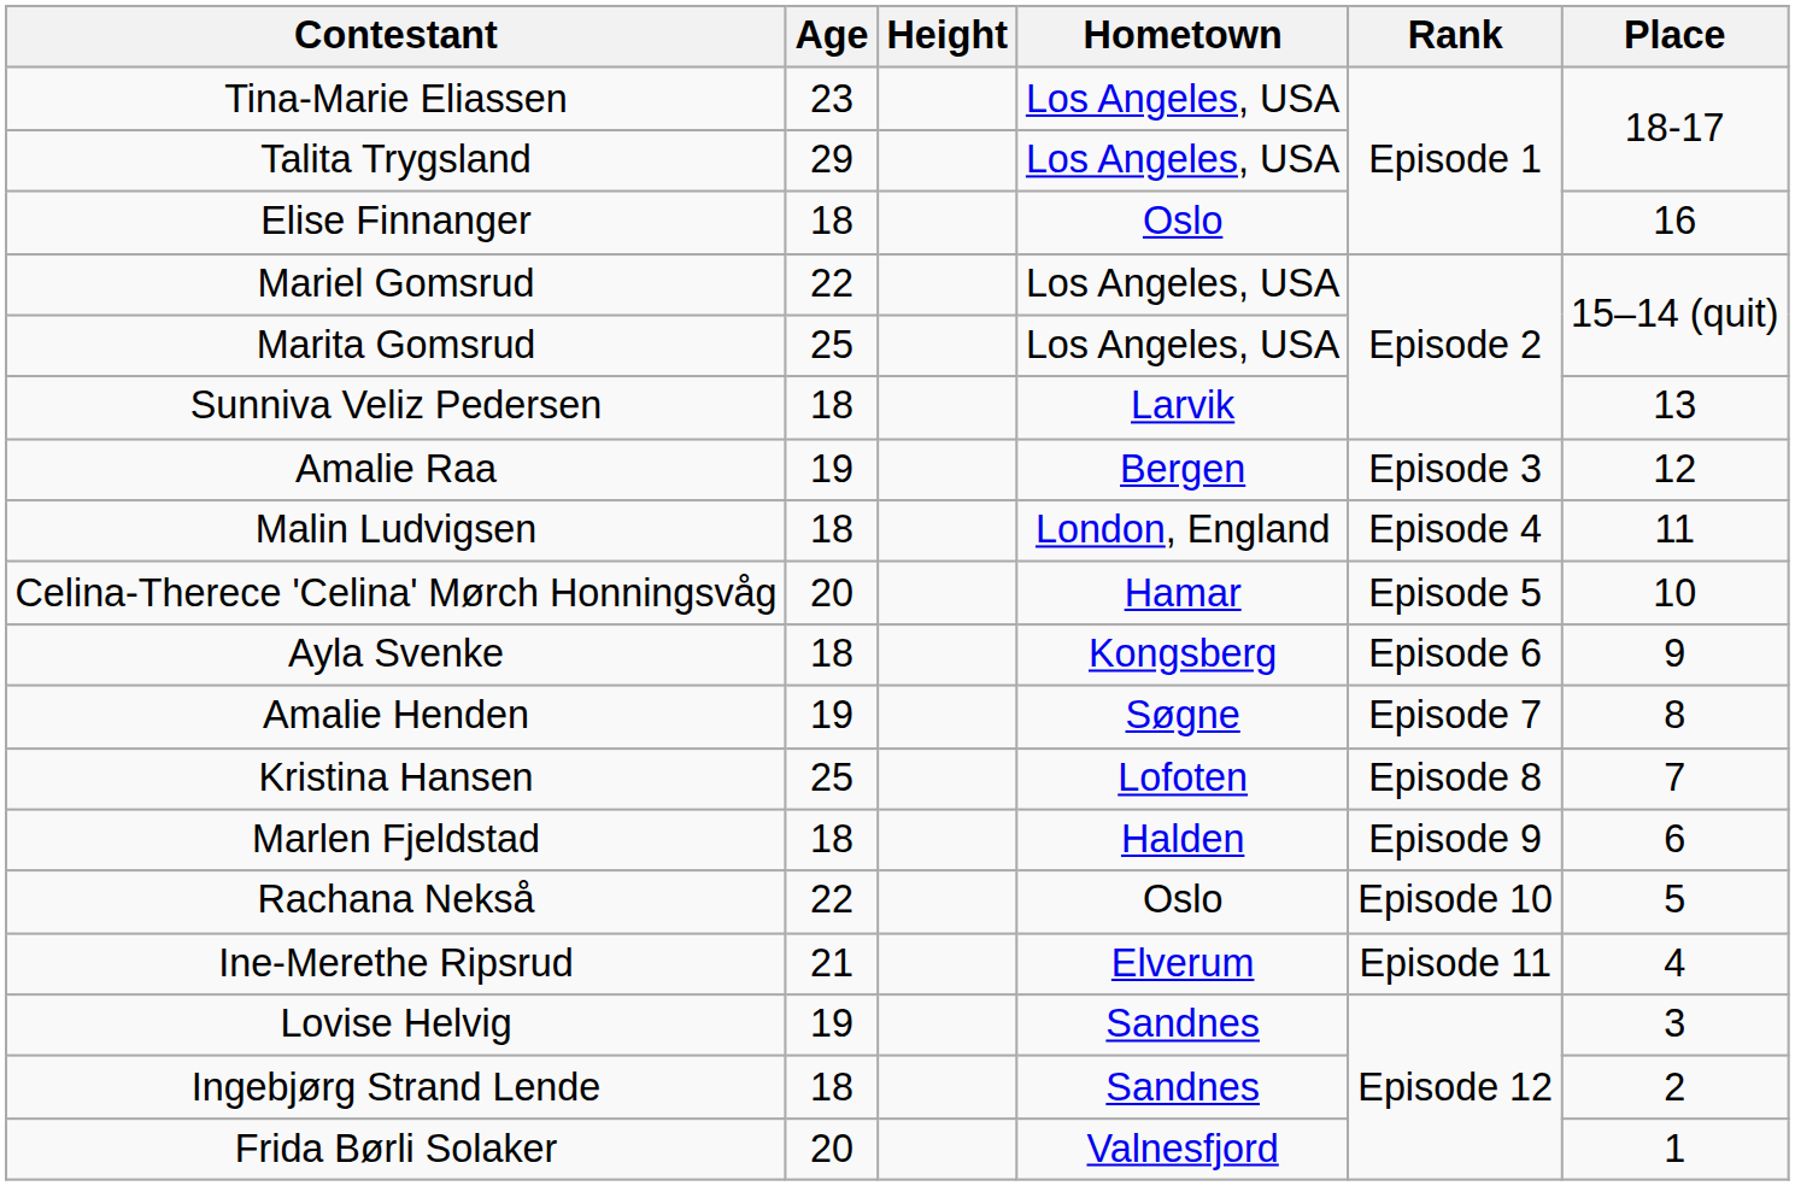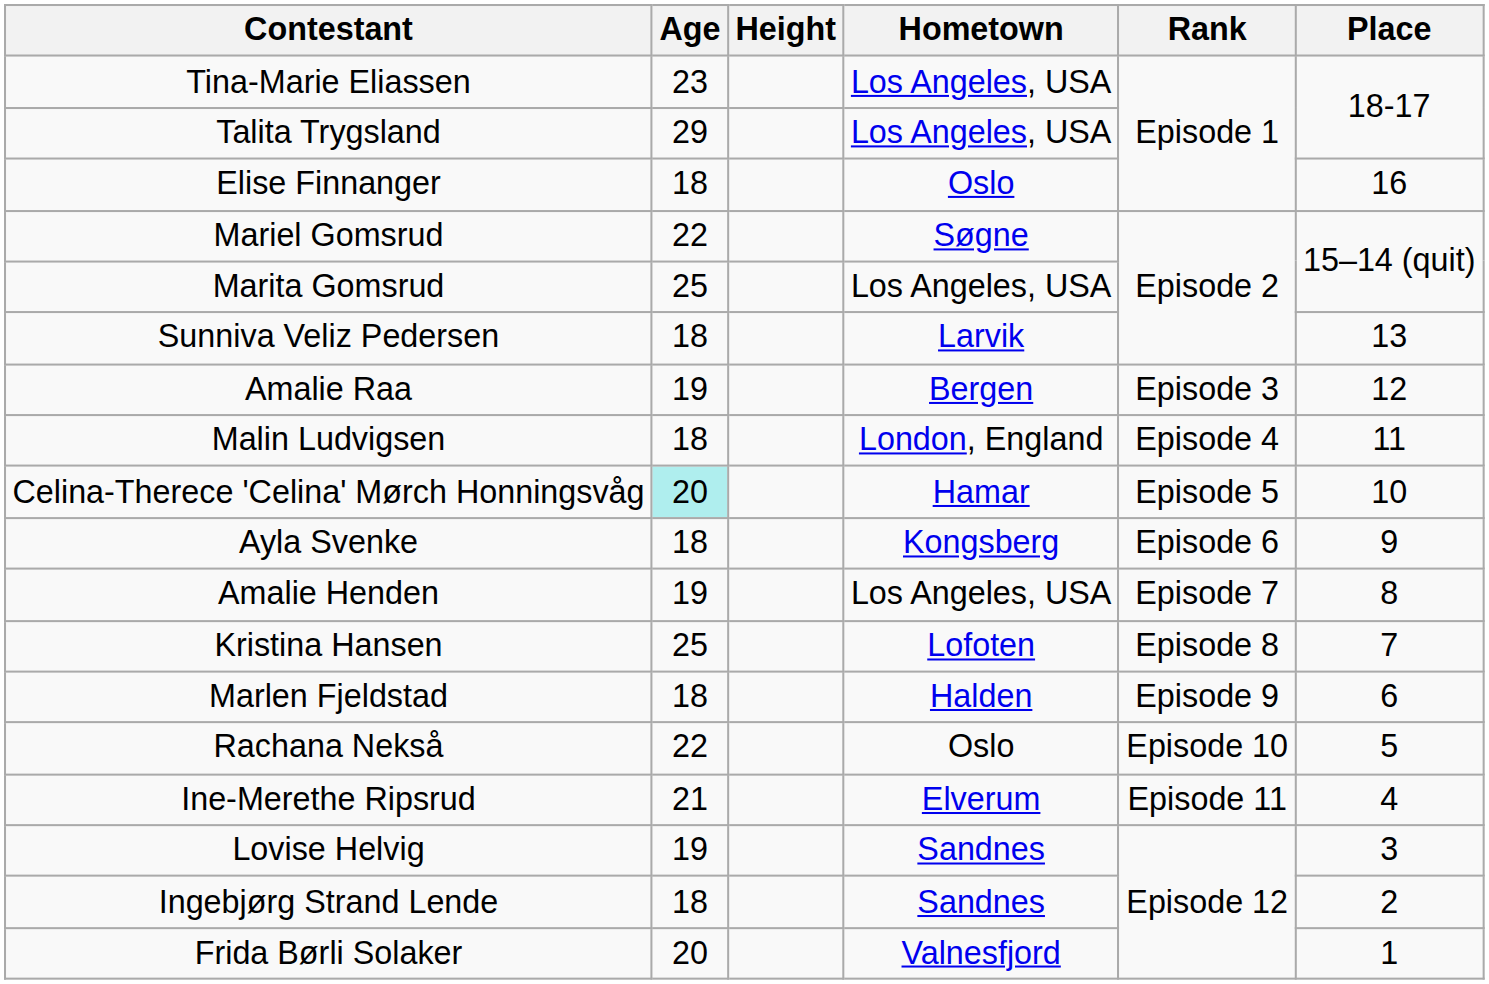 <table class="wikitable sortable" style="text-align:center;">
 <tr>
 <th>Contestant</th>
 <th>Age</th>
 <th>Height</th>
 <th>Hometown</th>
 <th>Rank</th>
 <th>Place</th>
 </tr>
 <tr>
 <td>Tina-Marie Eliassen</td>
 <td>23</td>
 <td></td>
 <td><a href='#'>Los Angeles</a>, USA</td>
 <td rowspan="3">Episode 1</td>
 <td rowspan="2">18-17</td>
 </tr>
 <tr>
 <td>Talita Trygsland</td>
 <td>29</td>
 <td></td>
 <td><a href='#'>Los Angeles</a>, USA</td>
 </tr>
 <tr>
 <td>Elise Finnanger</td>
 <td>18</td>
 <td></td>
 <td><a href='#'>Oslo</a></td>
 <td>16</td>
 </tr>
 <tr>
 <td>Mariel Gomsrud</td>
 <td>22</td>
 <td></td>
-<td>Los Angeles, USA</td>
+<td><a href='#'>Søgne</a></td>
 <td rowspan="3">Episode 2</td>
 <td rowspan="2">15–14 (quit)</td>
 </tr>
 <tr>
 <td>Marita Gomsrud</td>
 <td>25</td>
 <td></td>
 <td>Los Angeles, USA</td>
 </tr>
 <tr>
 <td>Sunniva Veliz Pedersen</td>
 <td>18</td>
 <td></td>
 <td><a href='#'>Larvik</a></td>
 <td>13</td>
 </tr>
 <tr>
 <td>Amalie Raa</td>
 <td>19</td>
 <td></td>
 <td><a href='#'>Bergen</a></td>
 <td>Episode 3</td>
 <td>12</td>
 </tr>
 <tr>
 <td>Malin Ludvigsen</td>
 <td>18</td>
 <td></td>
 <td><a href='#'>London</a>, England</td>
 <td>Episode 4</td>
 <td>11</td>
 </tr>
 <tr>
 <td>Celina-Therece 'Celina' Mørch Honningsvåg</td>
-<td>20</td>
+<td style="background: paleturquoise;">20</td>
 <td></td>
 <td><a href='#'>Hamar</a></td>
 <td>Episode 5</td>
 <td>10</td>
 </tr>
 <tr>
 <td>Ayla Svenke</td>
 <td>18</td>
 <td></td>
 <td><a href='#'>Kongsberg</a></td>
 <td>Episode 6</td>
 <td>9</td>
 </tr>
 <tr>
 <td>Amalie Henden</td>
 <td>19</td>
 <td></td>
-<td><a href='#'>Søgne</a></td>
+<td>Los Angeles, USA</td>
 <td>Episode 7</td>
 <td>8</td>
 </tr>
 <tr>
 <td>Kristina Hansen</td>
 <td>25</td>
 <td></td>
 <td><a href='#'>Lofoten</a></td>
 <td>Episode 8</td>
 <td>7</td>
 </tr>
 <tr>
 <td>Marlen Fjeldstad</td>
 <td>18</td>
 <td></td>
 <td><a href='#'>Halden</a></td>
 <td>Episode 9</td>
 <td>6</td>
 </tr>
 <tr>
 <td>Rachana Nekså</td>
 <td>22</td>
 <td></td>
 <td>Oslo</td>
 <td>Episode 10</td>
 <td>5</td>
 </tr>
 <tr>
 <td>Ine-Merethe Ripsrud</td>
 <td>21</td>
 <td></td>
 <td><a href='#'>Elverum</a></td>
 <td>Episode 11</td>
 <td>4</td>
 </tr>
 <tr>
 <td>Lovise Helvig</td>
 <td>19</td>
 <td></td>
 <td><a href='#'>Sandnes</a></td>
 <td rowspan="3">Episode 12</td>
 <td>3</td>
 </tr>
 <tr>
 <td>Ingebjørg Strand Lende</td>
 <td>18</td>
 <td></td>
 <td><a href='#'>Sandnes</a></td>
 <td>2</td>
 </tr>
 <tr>
 <td>Frida Børli Solaker</td>
 <td>20</td>
 <td></td>
 <td><a href='#'>Valnesfjord</a></td>
 <td>1</td>
 </tr>
 </table>
